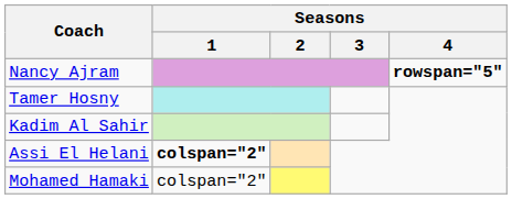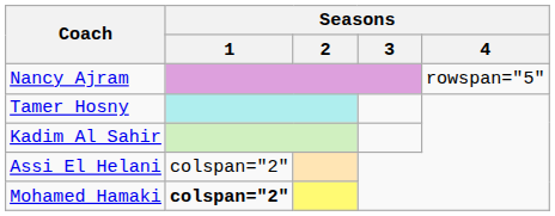 <table class="wikitable">
 <tr>
 <th rowspan="2">Coach</th>
 <th colspan="4">Seasons</th>
 </tr>
 <tr>
 <th width="40">1</th>
 <th width="40">2</th>
 <th width="40">3</th>
 <th width="40">4</th>
 </tr>
 <tr>
 <td><a href='#'>Nancy Ajram</a></td>
 <td colspan="3" bgcolor="plum"></td>
-<td><strong>rowspan="5" </strong></td>
+<td>rowspan="5" </td>
 </tr>
 <tr>
 <td><a href='#'>Tamer Hosny</a></td>
 <td colspan="2" bgcolor="#afeeee"></td>
 <td></td>
 </tr>
 <tr>
 <td><a href='#'>Kadim Al Sahir</a></td>
 <td colspan="2" bgcolor="#d0f0c0"></td>
 <td></td>
 </tr>
 <tr>
 <td><a href='#'>Assi El Helani</a></td>
-<td><strong>colspan="2" </strong></td>
+<td>colspan="2" </td>
 <td bgcolor="#ffe5b4"></td>
 </tr>
 <tr>
 <td><a href='#'>Mohamed Hamaki</a></td>
-<td>colspan="2" </td>
+<td><strong>colspan="2" </strong></td>
 <td bgcolor="#fffa73"></td>
 </tr>
 </table>
